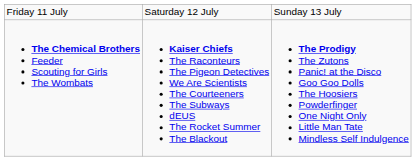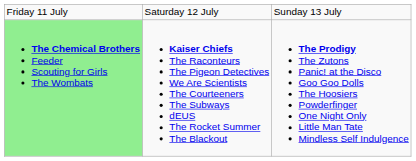 <table class="wikitable">
 <tr>
 <td>Friday 11 July</td>
 <td>Saturday 12 July</td>
 <td>Sunday 13 July</td>
 </tr>
 <tr valign="top">
-<td><br><ul><li><strong><a href='#'>The Chemical Brothers</a></strong></li><li><a href='#'>Feeder</a></li><li><a href='#'>Scouting for Girls</a></li><li><a href='#'>The Wombats</a></li></ul></td>
+<td style="background: lightgreen;"><br><ul><li><strong><a href='#'>The Chemical Brothers</a></strong></li><li><a href='#'>Feeder</a></li><li><a href='#'>Scouting for Girls</a></li><li><a href='#'>The Wombats</a></li></ul></td>
 <td><br><ul><li><strong><a href='#'>Kaiser Chiefs</a></strong></li><li><a href='#'>The Raconteurs</a></li><li><a href='#'>The Pigeon Detectives</a></li><li><a href='#'>We Are Scientists</a></li><li><a href='#'>The Courteeners</a></li><li><a href='#'>The Subways</a></li><li><a href='#'>dEUS</a></li><li><a href='#'>The Rocket Summer</a></li><li><a href='#'>The Blackout</a></li></ul></td>
 <td><br><ul><li><strong><a href='#'>The Prodigy</a></strong></li><li><a href='#'>The Zutons</a></li><li><a href='#'>Panic! at the Disco</a></li><li><a href='#'>Goo Goo Dolls</a></li><li><a href='#'>The Hoosiers</a></li><li><a href='#'>Powderfinger</a></li><li><a href='#'>One Night Only</a></li><li><a href='#'>Little Man Tate</a></li><li><a href='#'>Mindless Self Indulgence</a></li></ul></td>
 </tr>
 </table>
